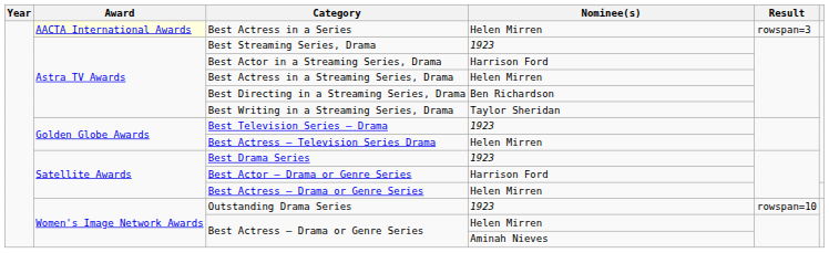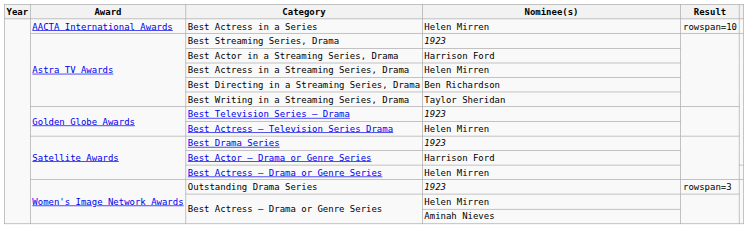 <table class="wikitable plainrowheaders sortable">
 <tr>
 <th scope="col">Year</th>
 <th scope="col">Award</th>
 <th scope="col">Category</th>
 <th scope="col" style="width:35%;">Nominee(s)</th>
 <th scope="col">Result</th>
 <th scope="col" class="unsortable"></th>
 </tr>
 <tr>
 <td rowspan=14></td>
-<td style="background: lightyellow;"><a href='#'>AACTA International Awards</a></td>
+<td><a href='#'>AACTA International Awards</a></td>
 <td>Best Actress in a Series</td>
 <td>Helen Mirren</td>
-<td>rowspan=3 </td>
+<td>rowspan=10 </td>
 <td align="center"></td>
 </tr>
 <tr>
 <td rowspan=5><a href='#'>Astra TV Awards</a></td>
 <td>Best Streaming Series, Drama</td>
 <td><em>1923</em></td>
 <td align="center" rowspan=5></td>
 </tr>
 <tr>
 <td>Best Actor in a Streaming Series, Drama</td>
 <td>Harrison Ford</td>
 </tr>
 <tr>
 <td>Best Actress in a Streaming Series, Drama</td>
 <td>Helen Mirren</td>
 </tr>
 <tr>
 <td>Best Directing in a Streaming Series, Drama</td>
 <td>Ben Richardson</td>
 </tr>
 <tr>
 <td>Best Writing in a Streaming Series, Drama</td>
 <td>Taylor Sheridan</td>
 </tr>
 <tr>
 <td rowspan=2><a href='#'>Golden Globe Awards</a></td>
 <td><a href='#'>Best Television Series – Drama</a></td>
 <td><em>1923</em></td>
 <td align="center" rowspan=2></td>
 </tr>
 <tr>
 <td><a href='#'>Best Actress – Television Series Drama</a></td>
 <td>Helen Mirren</td>
 </tr>
 <tr>
 <td rowspan=3><a href='#'>Satellite Awards</a></td>
 <td><a href='#'>Best Drama Series</a></td>
 <td><em>1923</em></td>
 <td align="center" rowspan=3></td>
 </tr>
 <tr>
 <td><a href='#'>Best Actor – Drama or Genre Series</a></td>
 <td>Harrison Ford</td>
 </tr>
 <tr>
 <td><a href='#'>Best Actress – Drama or Genre Series</a></td>
 <td>Helen Mirren</td>
 <td></td>
 </tr>
 <tr>
 <td rowspan=3><a href='#'>Women's Image Network Awards</a></td>
 <td>Outstanding Drama Series</td>
 <td><em>1923</em></td>
-<td>rowspan=10 </td>
+<td>rowspan=3 </td>
 <td align="center" rowspan=3></td>
 </tr>
 <tr>
 <td rowspan=2>Best Actress – Drama or Genre Series</td>
 <td>Helen Mirren</td>
 </tr>
 <tr>
 <td>Aminah Nieves</td>
 </tr>
 </table>
